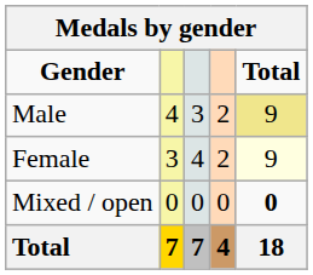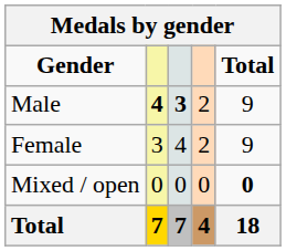 <table class="wikitable" style="text-align:center;font-size:90%">
 <tr style="background:#efefef;">
 <th colspan=7>Medals by gender</th>
 </tr>
 <tr>
 <td><strong>Gender</strong></td>
 <td bgcolor=#f7f6a8></td>
 <td bgcolor=#dce5e5></td>
 <td bgcolor=#ffdab9></td>
 <td><strong>Total</strong></td>
 </tr>
 <tr>
 <td style="text-align:left;">Male</td>
-<td style="background:#F7F6A8;">4</td>
-<td style="background:#DCE5E5;">3</td>
+<td style="background:#F7F6A8;"><strong>4</strong></td>
+<td style="background:#DCE5E5;"><strong>3</strong></td>
 <td style="background:#FFDAB9;">2</td>
-<td style="background: khaki;">9</td>
+<td>9</td>
 </tr>
 <tr>
 <td style="text-align:left;">Female</td>
 <td style="background:#F7F6A8;">3</td>
 <td style="background:#DCE5E5;">4</td>
 <td style="background:#FFDAB9;">2</td>
-<td style="background: lightyellow;">9</td>
+<td>9</td>
 </tr>
 <tr>
 <td style="text-align:left;">Mixed / open</td>
 <td style="background:#F7F6A8;">0</td>
 <td style="background:#DCE5E5;">0</td>
 <td style="background:#FFDAB9;">0</td>
 <td><strong>0</strong></td>
 </tr>
 <tr>
 <th style="text-align:left;">Total</th>
 <th style="background:gold;">7</th>
 <th style="background:silver;">7</th>
 <th style="background:#c96;">4</th>
 <th>18</th>
 </tr>
 </table>
